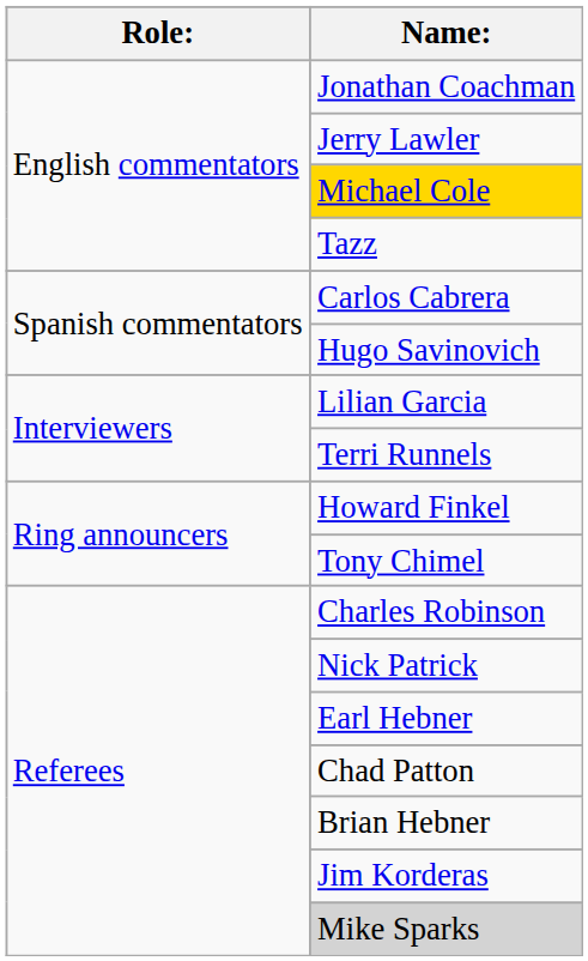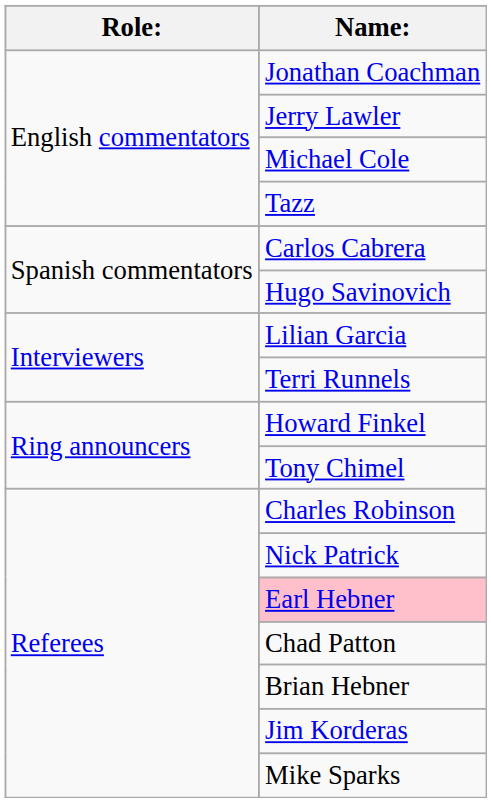 <table class=wikitable style="font-size:90%; margin: 0.5em 0 0.5em 1em; float: right; clear: right;">
 <tr>
 <th>Role:</th>
 <th>Name:</th>
 </tr>
 <tr>
 <td rowspan="4">English <a href='#'>commentators</a></td>
 <td><a href='#'>Jonathan Coachman</a> </td>
 </tr>
 <tr>
 <td><a href='#'>Jerry Lawler</a> </td>
 </tr>
 <tr>
-<td style="background: gold;"><a href='#'>Michael Cole</a> </td>
+<td><a href='#'>Michael Cole</a> </td>
 </tr>
 <tr>
 <td><a href='#'>Tazz</a> </td>
 </tr>
 <tr>
 <td rowspan="2">Spanish commentators</td>
 <td><a href='#'>Carlos Cabrera</a></td>
 </tr>
 <tr>
 <td><a href='#'>Hugo Savinovich</a></td>
 </tr>
 <tr>
 <td rowspan="2"><a href='#'>Interviewers</a></td>
 <td><a href='#'>Lilian Garcia</a></td>
 </tr>
 <tr>
 <td><a href='#'>Terri Runnels</a></td>
 </tr>
 <tr>
 <td rowspan="2"><a href='#'>Ring announcers</a></td>
 <td><a href='#'>Howard Finkel</a> </td>
 </tr>
 <tr>
 <td><a href='#'>Tony Chimel</a> </td>
 </tr>
 <tr>
 <td rowspan="7"><a href='#'>Referees</a></td>
 <td><a href='#'>Charles Robinson</a> </td>
 </tr>
 <tr>
 <td><a href='#'>Nick Patrick</a> </td>
 </tr>
 <tr>
-<td><a href='#'>Earl Hebner</a> </td>
+<td style="background: pink;"><a href='#'>Earl Hebner</a> </td>
 </tr>
 <tr>
 <td>Chad Patton </td>
 </tr>
 <tr>
 <td>Brian Hebner </td>
 </tr>
 <tr>
 <td><a href='#'>Jim Korderas</a> </td>
 </tr>
 <tr>
-<td style="background: lightgrey;">Mike Sparks </td>
+<td>Mike Sparks </td>
 </tr>
 </table>
